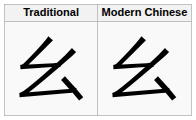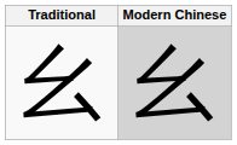 <table class="wikitable">
 <tr>
 <th>Traditional</th>
 <th>Modern Chinese</th>
 </tr>
 <tr style="font-size:6em;font-family:serif;line-height:100%;">
 <td lang="ja">幺</td>
-<td lang="zh">幺</td>
+<td lang="zh" style="background: lightgrey;">幺</td>
 </tr>
 </table>
